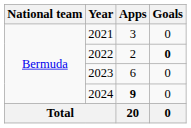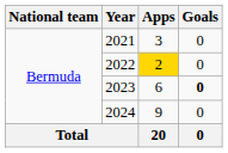 <table class="wikitable" style="text-align:center">
 <tr>
 <th>National team</th>
 <th>Year</th>
 <th>Apps</th>
 <th>Goals</th>
 </tr>
 <tr>
 <td rowspan="4"><a href='#'>Bermuda</a></td>
 <td>2021</td>
 <td>3</td>
 <td>0</td>
 </tr>
 <tr>
 <td>2022</td>
-<td>2</td>
-<td><strong>0</strong></td>
+<td style="background: gold;">2</td>
+<td>0</td>
 </tr>
 <tr>
 <td>2023</td>
 <td>6</td>
-<td>0</td>
+<td><strong>0</strong></td>
 </tr>
 <tr>
 <td>2024</td>
-<td><strong>9</strong></td>
+<td>9</td>
 <td>0</td>
 </tr>
 <tr>
 <th colspan=2>Total</th>
 <th>20</th>
 <th>0</th>
 </tr>
 </table>
